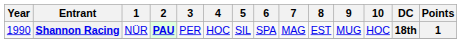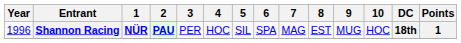 <table class="wikitable" style="text-align:center; font-size:90%">
 <tr>
 <th>Year</th>
 <th>Entrant</th>
 <th>1</th>
 <th>2</th>
 <th>3</th>
 <th>4</th>
 <th>5</th>
 <th>6</th>
 <th>7</th>
 <th>8</th>
 <th>9</th>
 <th>10</th>
 <th>DC</th>
 <th>Points</th>
 </tr>
 <tr>
-<td><a href='#'>1990</a></td>
+<td><a href='#'>1996</a></td>
 <th><a href='#'>Shannon Racing</a></th>
-<td><a href='#'>NÜR</a></td>
+<td><strong><a href='#'>NÜR</a></strong></td>
 <td style="background:#DFFFDF;"><strong><a href='#'>PAU</a><br></strong></td>
 <td><a href='#'>PER</a></td>
 <td><a href='#'>HOC</a></td>
 <td><a href='#'>SIL</a></td>
 <td><a href='#'>SPA</a></td>
 <td><a href='#'>MAG</a></td>
 <td><a href='#'>EST</a></td>
 <td><a href='#'>MUG</a></td>
 <td><a href='#'>HOC</a></td>
 <th>18th</th>
 <th>1</th>
 </tr>
 <tr>
 </tr>
 </table>
